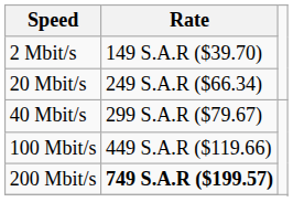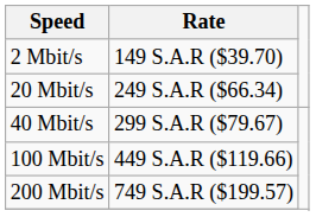 <table class="wikitable">
 <tr>
 <th>Speed</th>
 <th>Rate</th>
 <td rowspan="3"></td>
 </tr>
 <tr>
 <td>2 Mbit/s</td>
 <td>149 S.A.R ($39.70)</td>
 </tr>
 <tr>
 <td>20 Mbit/s</td>
 <td>249 S.A.R ($66.34)</td>
 </tr>
 <tr>
 <td>40 Mbit/s</td>
 <td>299 S.A.R ($79.67)</td>
 </tr>
 <tr>
 <td>100 Mbit/s</td>
 <td>449 S.A.R ($119.66)</td>
 </tr>
 <tr>
 <td>200 Mbit/s</td>
-<td><strong>749 S.A.R ($199.57)</strong></td>
+<td>749 S.A.R ($199.57)</td>
 </tr>
 <tr>
 </tr>
 </table>
